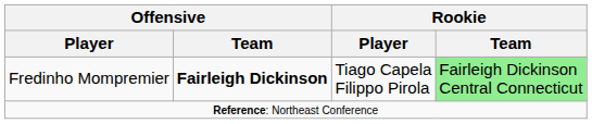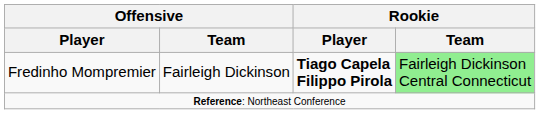 <table class="wikitable">
 <tr>
 <th colspan="2">Offensive</th>
 <th colspan="2">Rookie</th>
 </tr>
 <tr>
 <th>Player</th>
 <th>Team</th>
 <th>Player</th>
 <th>Team</th>
 </tr>
 <tr>
 <td>Fredinho Mompremier</td>
-<td><strong>Fairleigh Dickinson</strong></td>
-<td>Tiago Capela <br> Filippo Pirola</td>
+<td>Fairleigh Dickinson</td>
+<td><strong>Tiago Capela <br> Filippo Pirola</strong></td>
 <td style="background: lightgreen;">Fairleigh Dickinson <br> Central Connecticut</td>
 </tr>
 <tr>
 <td colspan="12"  style="font-size:8pt; text-align:center;"><strong>Reference</strong>: Northeast Conference</td>
 </tr>
 </table>
